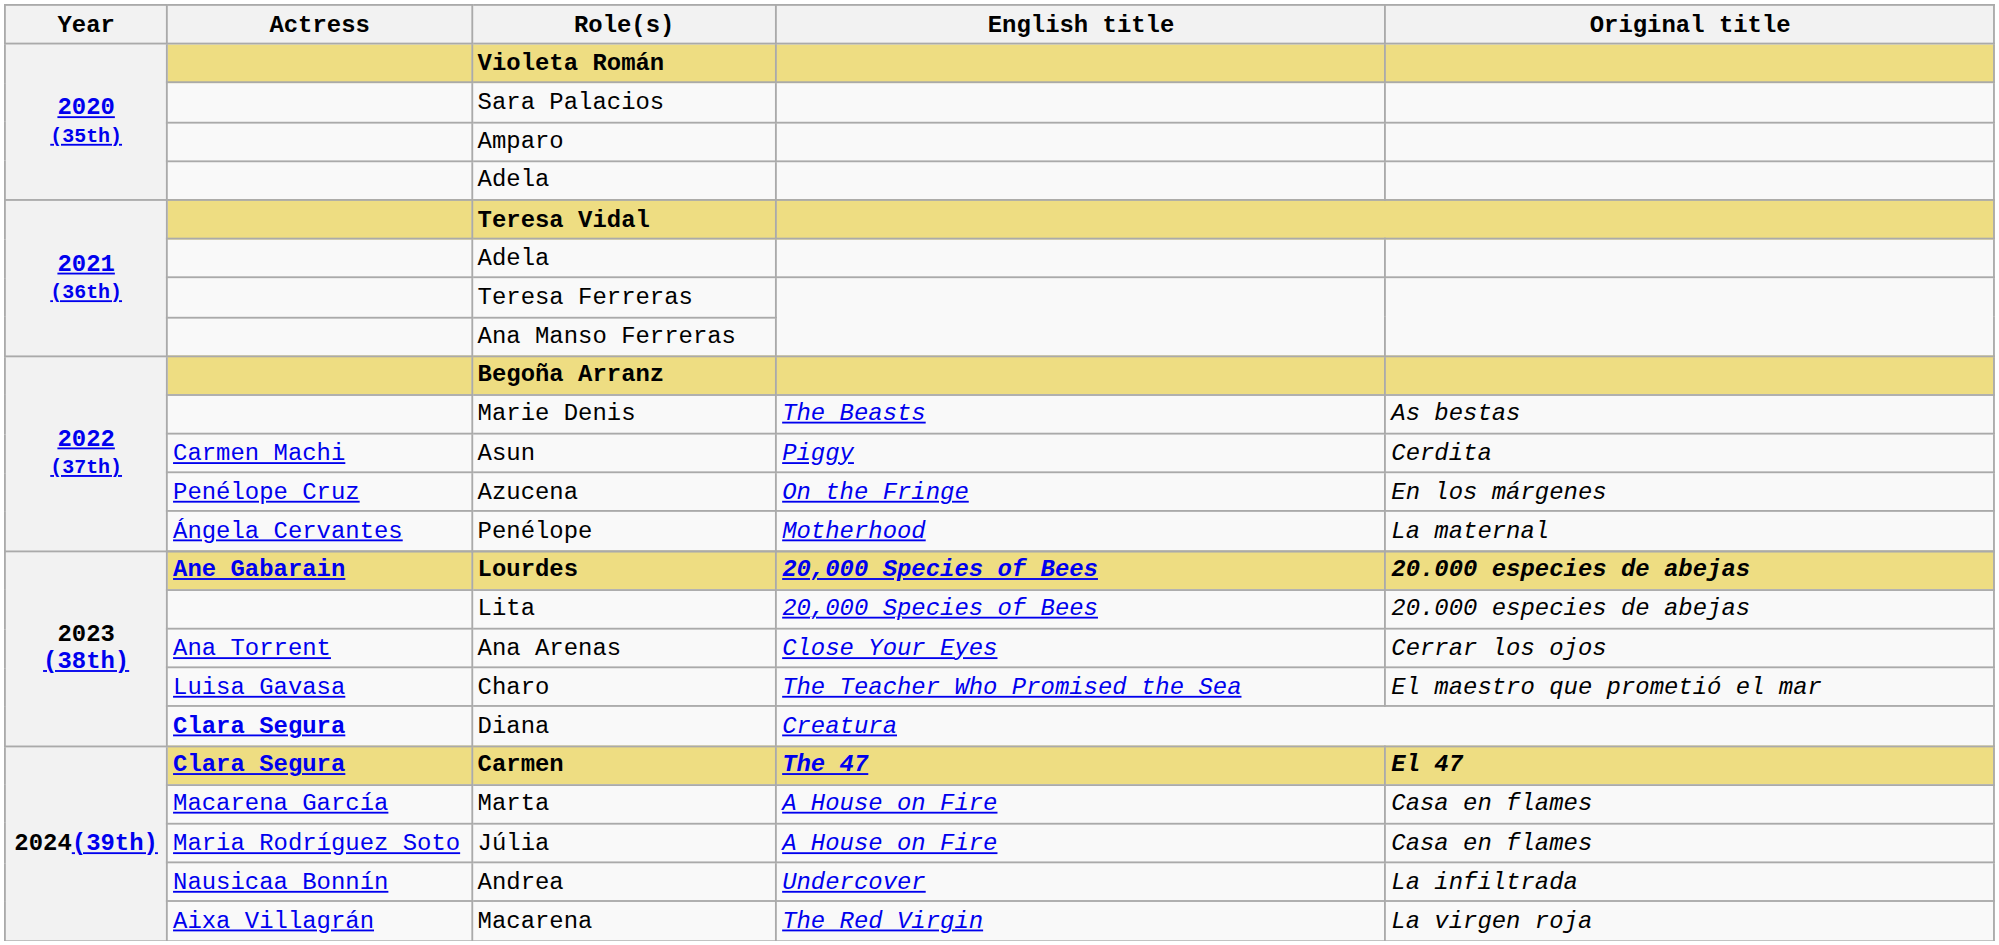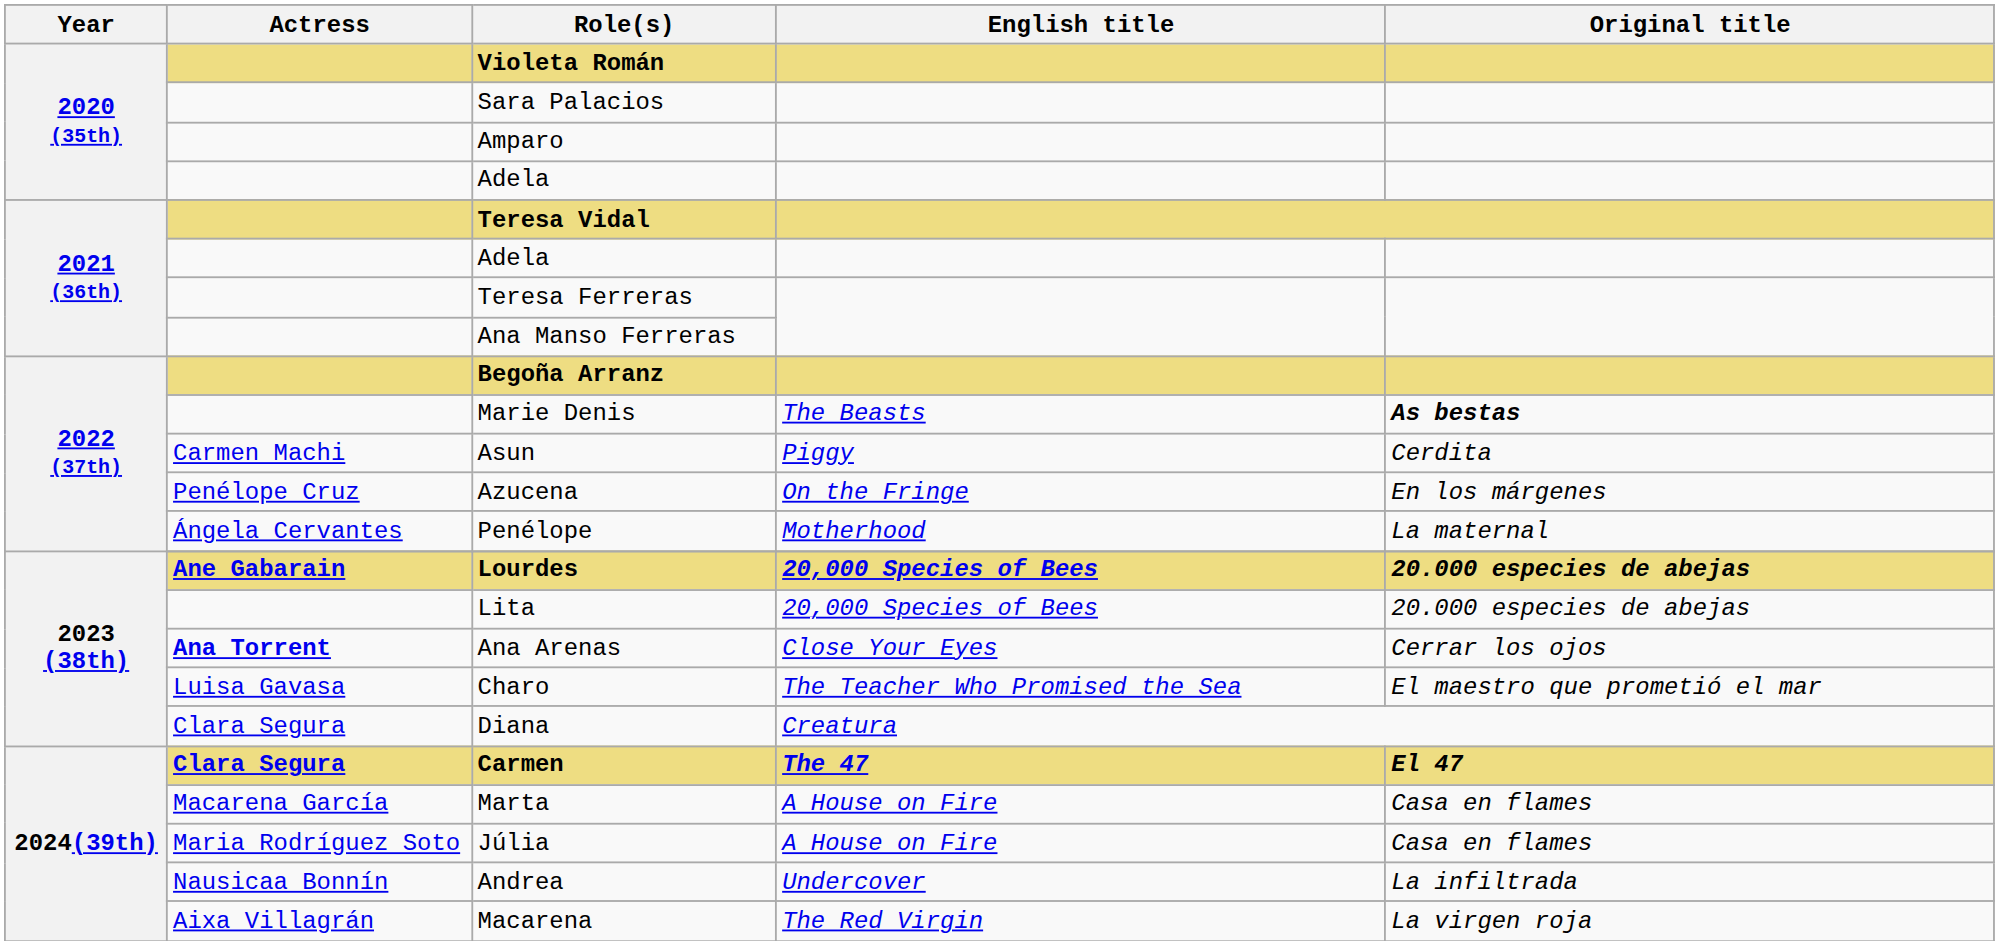 <table class="wikitable sortable" style="text-align:left;">
 <tr>
 <th scope="col" style="width:8%;">Year</th>
 <th scope="col" style="width:15%;">Actress</th>
 <th scope="col" style="width:15%;">Role(s)</th>
 <th scope="col" style="width:30%;">English title</th>
 <th scope="col" style="width:30%;">Original title</th>
 </tr>
 <tr>
 <th scope="row" rowspan=4 style="text-align:center"><a href='#'>2020</a> <br><small><a href='#'>(35th)</a></small><br></th>
 <td style="background:#eedd82;"><strong></strong></td>
 <td style="background:#eedd82;"><strong>Violeta Román</strong></td>
 <td style="background:#eedd82;"><strong><em></em></strong></td>
 <td style="background:#eedd82;"><strong><em></em></strong></td>
 </tr>
 <tr>
 <td></td>
 <td>Sara Palacios</td>
 <td><em></em></td>
 <td><em></em></td>
 </tr>
 <tr>
 <td></td>
 <td>Amparo</td>
 <td><em></em></td>
 <td><em></em></td>
 </tr>
 <tr>
 <td></td>
 <td>Adela</td>
 <td><em></em></td>
 <td><em></em></td>
 </tr>
 <tr>
 <th scope="row" rowspan=4 style="text-align:center"><a href='#'>2021</a> <br><small><a href='#'>(36th)</a></small><br></th>
 <td style="background:#eedd82;"><strong></strong></td>
 <td style="background:#eedd82;"><strong>Teresa Vidal</strong></td>
 <td colspan="2" style="background:#eedd82;"><strong><em></em></strong></td>
 </tr>
 <tr>
 <td></td>
 <td>Adela</td>
 <td><em></em></td>
 <td><em></em></td>
 </tr>
 <tr>
 <td></td>
 <td>Teresa Ferreras</td>
 <td rowspan="2"><em></em></td>
 <td rowspan="2"><em></em></td>
 </tr>
 <tr>
 <td></td>
 <td>Ana Manso Ferreras</td>
 </tr>
 <tr>
 <th scope="row" rowspan="5" style="text-align:center;"><a href='#'>2022</a><br><small><a href='#'>(37th)</a></small><br></th>
 <td style="background:#eedd82;"><strong></strong></td>
 <td style="background:#eedd82;"><strong>Begoña Arranz</strong></td>
 <td style="background:#eedd82;"><strong><em></em></strong></td>
 <td style="background:#eedd82;"><strong><em></em></strong></td>
 </tr>
 <tr>
 <td></td>
 <td>Marie Denis</td>
 <td><em><a href='#'>The Beasts</a></em></td>
-<td><em>As bestas</em></td>
+<td><strong><em>As bestas</em></strong></td>
 </tr>
 <tr>
 <td><a href='#'>Carmen Machi</a></td>
 <td>Asun</td>
 <td><em><a href='#'>Piggy</a></em></td>
 <td><em>Cerdita</em></td>
 </tr>
 <tr>
 <td><a href='#'>Penélope Cruz</a></td>
 <td>Azucena</td>
 <td><em><a href='#'>On the Fringe</a></em></td>
 <td><em>En los márgenes</em></td>
 </tr>
 <tr>
 <td><a href='#'>Ángela Cervantes</a></td>
 <td>Penélope</td>
 <td><em><a href='#'>Motherhood</a></em></td>
 <td><em>La maternal</em></td>
 </tr>
 <tr>
 <th scope="row" rowspan="6" style="text-align:center;">2023<br><a href='#'>(38th)</a><br></th>
 </tr>
 <tr>
 <td style="background:#eedd82;"><strong><a href='#'>Ane Gabarain</a></strong></td>
 <td style="background:#eedd82;"><strong>Lourdes</strong></td>
 <td style="background:#eedd82;"><strong><em><a href='#'>20,000 Species of Bees</a></em></strong></td>
 <td style="background:#eedd82;"><strong><em>20.000 especies de abejas</em></strong></td>
 </tr>
 <tr>
 <td></td>
 <td>Lita</td>
 <td><em><a href='#'>20,000 Species of Bees</a></em></td>
 <td><em>20.000 especies de abejas</em></td>
 </tr>
 <tr>
-<td><a href='#'>Ana Torrent</a></td>
+<td><strong><a href='#'>Ana Torrent</a></strong></td>
 <td>Ana Arenas</td>
 <td><em><a href='#'>Close Your Eyes</a></em></td>
 <td><em>Cerrar los ojos</em></td>
 </tr>
 <tr>
 <td><a href='#'>Luisa Gavasa</a></td>
 <td>Charo</td>
 <td><em><a href='#'>The Teacher Who Promised the Sea</a></em></td>
 <td><em>El maestro que prometió el mar</em></td>
 </tr>
 <tr>
-<td><strong><a href='#'>Clara Segura</a></strong></td>
+<td><a href='#'>Clara Segura</a></td>
 <td>Diana</td>
 <td colspan="2"><em><a href='#'>Creatura</a></em></td>
 </tr>
 <tr>
 <th scope="row" rowspan="5" style="text-align:center;">2024<a href='#'>(39th)</a></th>
 <td style="background:#eedd82;"><strong><a href='#'>Clara Segura</a></strong></td>
 <td style="background:#eedd82;"><strong>Carmen</strong></td>
 <td style="background:#eedd82;"><strong><em><a href='#'>The 47</a></em></strong></td>
 <td style="background:#eedd82;"><strong><em>El 47</em></strong></td>
 </tr>
 <tr>
 <td><a href='#'>Macarena García</a></td>
 <td>Marta</td>
 <td><em><a href='#'>A House on Fire</a></em></td>
 <td><em>Casa en flames</em></td>
 </tr>
 <tr>
 <td><a href='#'>Maria Rodríguez Soto</a></td>
 <td>Júlia</td>
 <td><em><a href='#'>A House on Fire</a></em></td>
 <td><em>Casa en flames</em></td>
 </tr>
 <tr>
 <td><a href='#'>Nausicaa Bonnín</a></td>
 <td>Andrea</td>
 <td><em><a href='#'>Undercover</a></em></td>
 <td><em>La infiltrada</em></td>
 </tr>
 <tr>
 <td><a href='#'>Aixa Villagrán</a></td>
 <td>Macarena</td>
 <td><em><a href='#'>The Red Virgin</a></em></td>
 <td><em>La virgen roja</em></td>
 </tr>
 <tr>
 </tr>
 </table>
